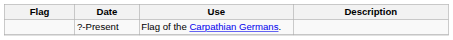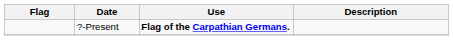 <table class="wikitable">
 <tr>
 <th style="width:110px;">Flag</th>
 <th style="width:100px;">Date</th>
 <th style="width:250px;">Use</th>
 <th style="width:250px;">Description</th>
 </tr>
 <tr>
 <td></td>
 <td>?-Present</td>
-<td>Flag of the <a href='#'>Carpathian Germans</a>.</td>
+<td><strong>Flag of the <a href='#'>Carpathian Germans</a>.</strong></td>
 <td></td>
 </tr>
 <tr>
 </tr>
 </table>
